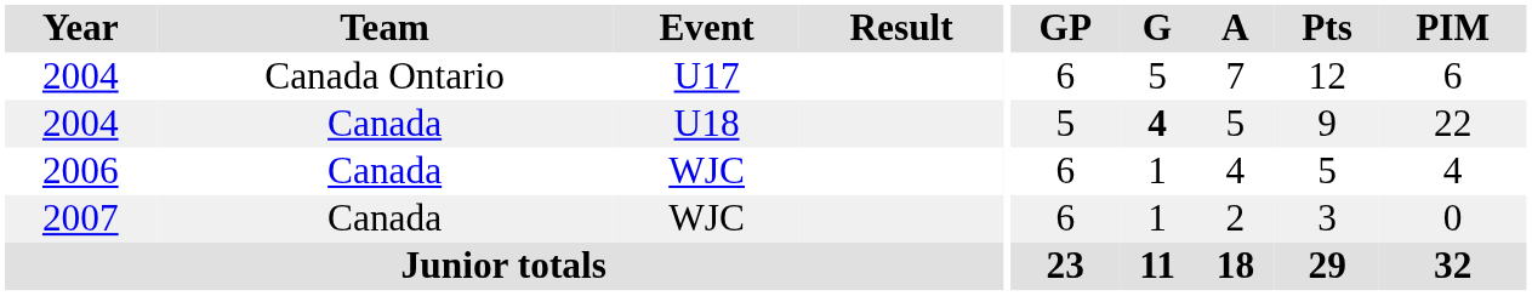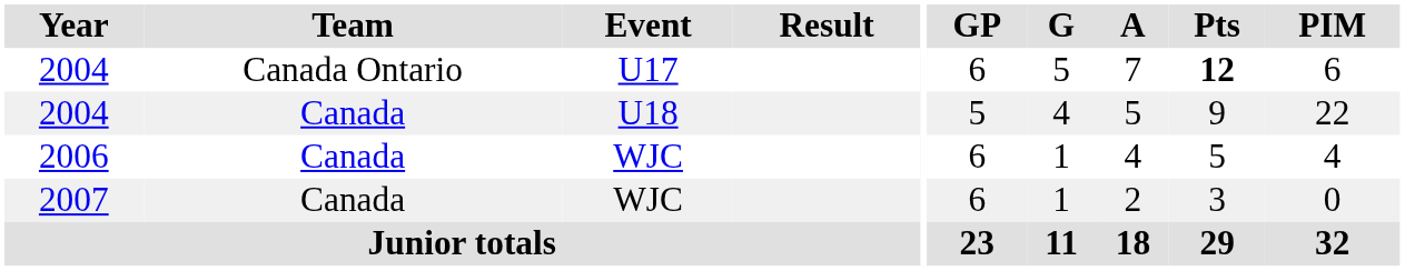 <table border="0" cellpadding="1" cellspacing="0" ID="Table3" style="text-align:center; width:40em">
 <tr ALIGN="center" bgcolor="#e0e0e0">
 <th>Year</th>
 <th>Team</th>
 <th>Event</th>
 <th>Result</th>
 <th rowspan="99" bgcolor="#ffffff"></th>
 <th>GP</th>
 <th>G</th>
 <th>A</th>
 <th>Pts</th>
 <th>PIM</th>
 </tr>
 <tr>
 <td><a href='#'>2004</a></td>
 <td>Canada Ontario</td>
 <td><a href='#'>U17</a></td>
 <td></td>
 <td>6</td>
 <td>5</td>
 <td>7</td>
-<td>12</td>
+<td><strong>12</strong></td>
 <td>6</td>
 </tr>
 <tr bgcolor="#f0f0f0">
 <td><a href='#'>2004</a></td>
 <td><a href='#'>Canada</a></td>
 <td><a href='#'>U18</a></td>
 <td></td>
 <td>5</td>
-<td><strong>4</strong></td>
+<td>4</td>
 <td>5</td>
 <td>9</td>
 <td>22</td>
 </tr>
 <tr>
 <td><a href='#'>2006</a></td>
 <td><a href='#'>Canada</a></td>
 <td><a href='#'>WJC</a></td>
 <td></td>
 <td>6</td>
 <td>1</td>
 <td>4</td>
 <td>5</td>
 <td>4</td>
 </tr>
 <tr bgcolor="#f0f0f0">
 <td><a href='#'>2007</a></td>
 <td>Canada</td>
 <td>WJC</td>
 <td></td>
 <td>6</td>
 <td>1</td>
 <td>2</td>
 <td>3</td>
 <td>0</td>
 </tr>
 <tr bgcolor="#e0e0e0">
 <th colspan=4>Junior totals</th>
 <th>23</th>
 <th>11</th>
 <th>18</th>
 <th>29</th>
 <th>32</th>
 </tr>
 </table>
